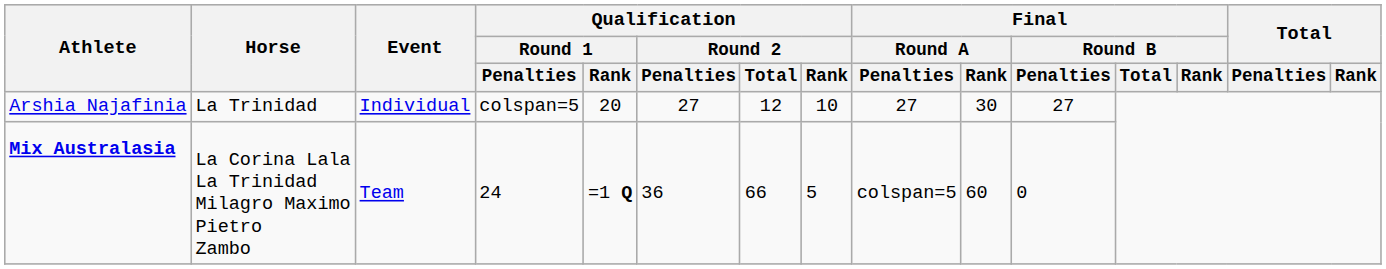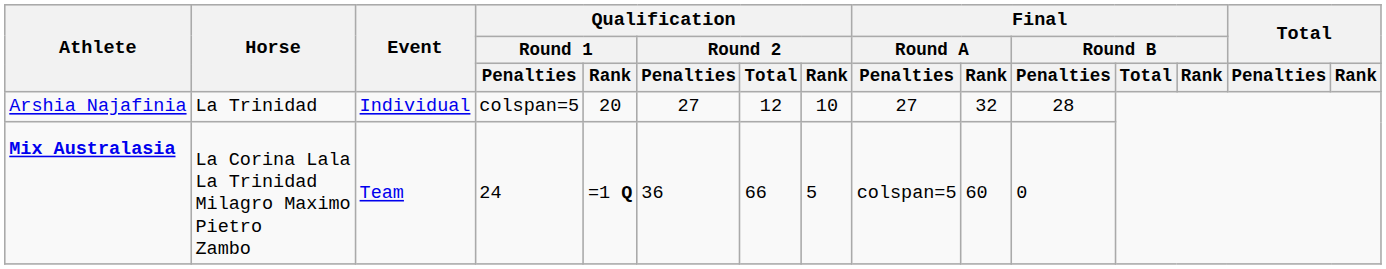 <table class="wikitable" style="font-size:90%">
 <tr>
 <th rowspan="3">Athlete</th>
 <th rowspan="3">Horse</th>
 <th rowspan="3">Event</th>
 <th colspan="5">Qualification</th>
 <th colspan="5">Final</th>
 <th rowspan=2 colspan="2">Total</th>
 </tr>
 <tr style="font-size:95%">
 <th colspan="2">Round 1</th>
 <th colspan="3">Round 2</th>
 <th colspan="2">Round A</th>
 <th colspan="3">Round B</th>
 </tr>
 <tr style="font-size:95%">
 <th>Penalties</th>
 <th>Rank</th>
 <th>Penalties</th>
 <th>Total</th>
 <th>Rank</th>
 <th>Penalties</th>
 <th>Rank</th>
 <th>Penalties</th>
 <th>Total</th>
 <th>Rank</th>
 <th>Penalties</th>
 <th>Rank</th>
 </tr>
 <tr align=center>
 <td align=left><a href='#'>Arshia Najafinia</a></td>
 <td align=left>La Trinidad</td>
 <td align=left rowspan=1><a href='#'>Individual</a></td>
 <td>colspan=5 </td>
 <td>20</td>
 <td>27</td>
 <td>12</td>
 <td>10</td>
 <td>27</td>
-<td>30</td>
-<td>27</td>
+<td>32</td>
+<td>28</td>
 </tr>
 <tr align=left>
 <td rowspan=5><strong><a href='#'>Mix Australasia</a></strong><br><br><br><br><br></td>
 <td align=left><br>La Corina Lala<br>La Trinidad<br>Milagro Maximo<br>Pietro<br>Zambo</td>
 <td align=left><a href='#'>Team</a></td>
 <td>24</td>
 <td>=1 <strong>Q</strong></td>
 <td>36</td>
 <td>66</td>
 <td>5</td>
 <td>colspan=5 </td>
 <td>60</td>
 <td>0</td>
 </tr>
 </table>
